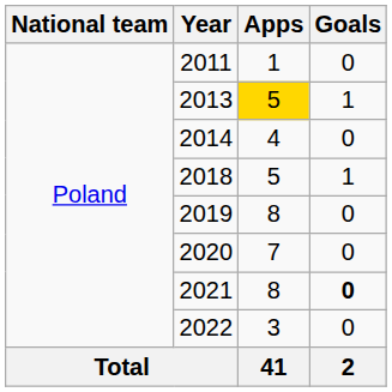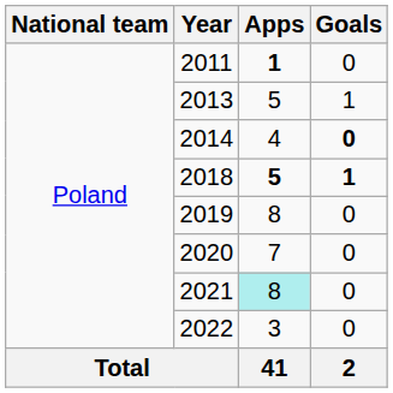 <table class="wikitable" style="text-align:center">
 <tr>
 <th>National team</th>
 <th>Year</th>
 <th>Apps</th>
 <th>Goals</th>
 </tr>
 <tr>
 <td rowspan="8"><a href='#'>Poland</a></td>
 <td>2011</td>
-<td>1</td>
+<td><strong>1</strong></td>
 <td>0</td>
 </tr>
 <tr>
 <td>2013</td>
-<td style="background: gold;">5</td>
+<td>5</td>
 <td>1</td>
 </tr>
 <tr>
 <td>2014</td>
 <td>4</td>
-<td>0</td>
+<td><strong>0</strong></td>
 </tr>
 <tr>
 <td>2018</td>
-<td>5</td>
-<td>1</td>
+<td><strong>5</strong></td>
+<td><strong>1</strong></td>
 </tr>
 <tr>
 <td>2019</td>
 <td>8</td>
 <td>0</td>
 </tr>
 <tr>
 <td>2020</td>
 <td>7</td>
 <td>0</td>
 </tr>
 <tr>
 <td>2021</td>
-<td>8</td>
-<td><strong>0</strong></td>
+<td style="background: paleturquoise;">8</td>
+<td>0</td>
 </tr>
 <tr>
 <td>2022</td>
 <td>3</td>
 <td>0</td>
 </tr>
 <tr>
 <th colspan="2">Total</th>
 <th>41</th>
 <th>2</th>
 </tr>
 </table>
